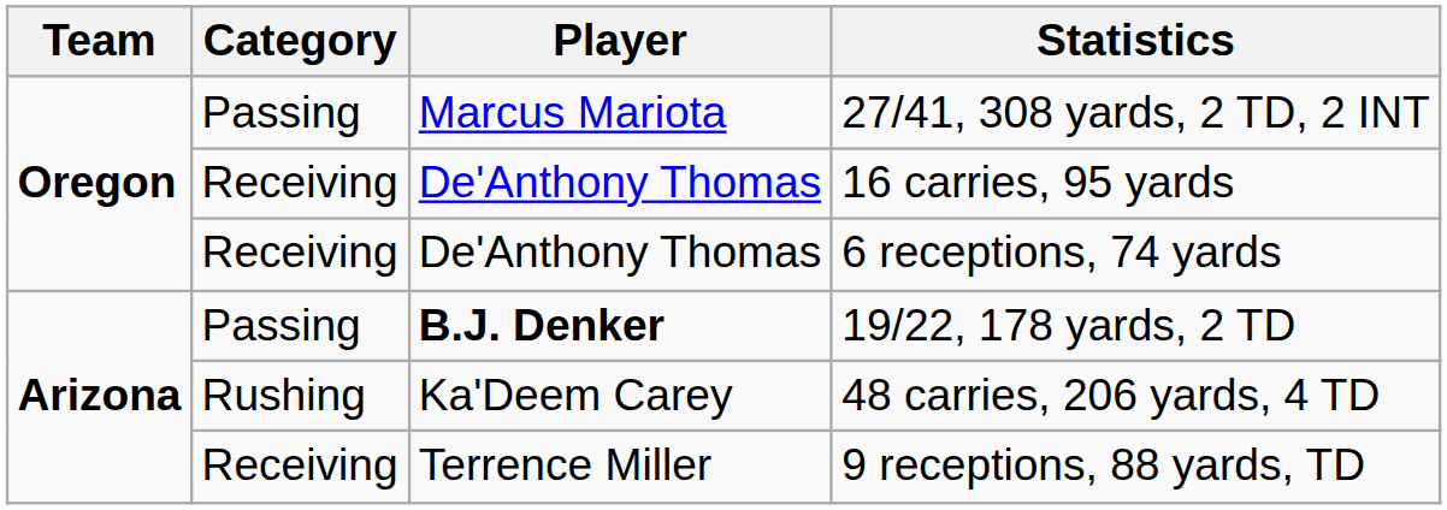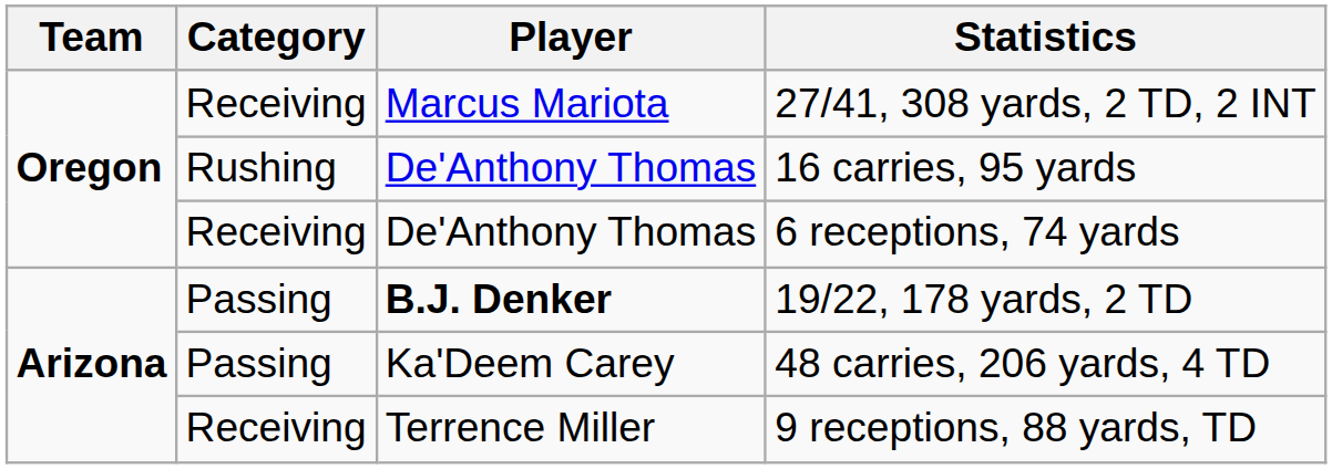 <table class="wikitable" style="float: right;">
 <tr>
 <th>Team</th>
 <th>Category</th>
 <th>Player</th>
 <th>Statistics</th>
 </tr>
 <tr>
 <td rowspan=3><strong>Oregon</strong></td>
-<td>Passing</td>
+<td>Receiving</td>
 <td><a href='#'>Marcus Mariota</a></td>
 <td>27/41, 308 yards, 2 TD, 2 INT</td>
 </tr>
 <tr>
-<td>Receiving</td>
+<td>Rushing</td>
 <td><a href='#'>De'Anthony Thomas</a></td>
 <td>16 carries, 95 yards</td>
 </tr>
 <tr>
 <td>Receiving</td>
 <td>De'Anthony Thomas</td>
 <td>6 receptions, 74 yards</td>
 </tr>
 <tr>
 <td rowspan=3><strong>Arizona</strong></td>
 <td>Passing</td>
 <td><strong>B.J. Denker</strong></td>
 <td>19/22, 178 yards, 2 TD</td>
 </tr>
 <tr>
-<td>Rushing</td>
+<td>Passing</td>
 <td>Ka'Deem Carey</td>
 <td>48 carries, 206 yards, 4 TD</td>
 </tr>
 <tr>
 <td>Receiving</td>
 <td>Terrence Miller</td>
 <td>9 receptions, 88 yards, TD</td>
 </tr>
 </table>
